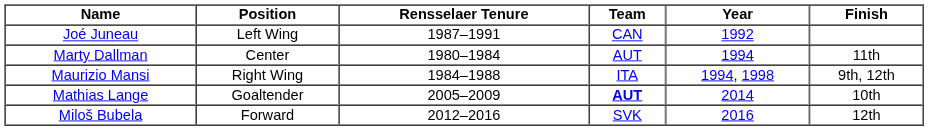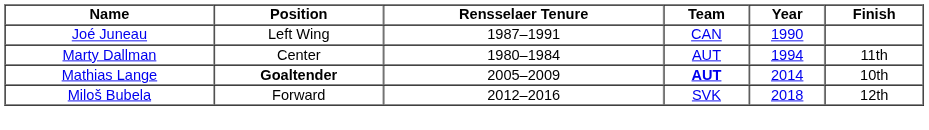 <table cellpadding="1" border="1" cellspacing="0" width="80%">
 <tr>
 <th>Name</th>
 <th>Position</th>
 <th>Rensselaer Tenure</th>
 <th>Team</th>
 <th>Year</th>
 <th>Finish</th>
 </tr>
 <tr align="center">
 <td><a href='#'>Joé Juneau</a></td>
 <td>Left Wing</td>
 <td>1987–1991</td>
 <td> <a href='#'>CAN</a></td>
-<td><a href='#'>1992</a></td>
+<td><a href='#'>1990</a></td>
 <td></td>
 </tr>
 <tr align="center">
 <td><a href='#'>Marty Dallman</a></td>
 <td>Center</td>
 <td>1980–1984</td>
 <td> <a href='#'>AUT</a></td>
 <td><a href='#'>1994</a></td>
 <td>11th</td>
 </tr>
 <tr align="center">
-<td><a href='#'>Maurizio Mansi</a></td>
-<td>Right Wing</td>
-<td>1984–1988</td>
-<td> <a href='#'>ITA</a></td>
-<td><a href='#'>1994</a>, <a href='#'>1998</a></td>
-<td>9th, 12th</td>
-</tr>
-<tr align="center">
 <td><a href='#'>Mathias Lange</a></td>
-<td>Goaltender</td>
+<td><strong>Goaltender</strong></td>
 <td>2005–2009</td>
 <td><strong> <a href='#'>AUT</a></strong></td>
 <td><a href='#'>2014</a></td>
 <td>10th</td>
 </tr>
 <tr align="center">
 <td><a href='#'>Miloš Bubela</a></td>
 <td>Forward</td>
 <td>2012–2016</td>
 <td> <a href='#'>SVK</a></td>
-<td><a href='#'>2016</a></td>
+<td><a href='#'>2018</a></td>
 <td>12th</td>
 </tr>
 <tr align="center">
 </tr>
 </table>
